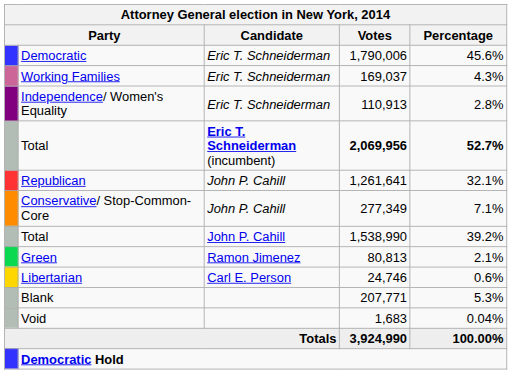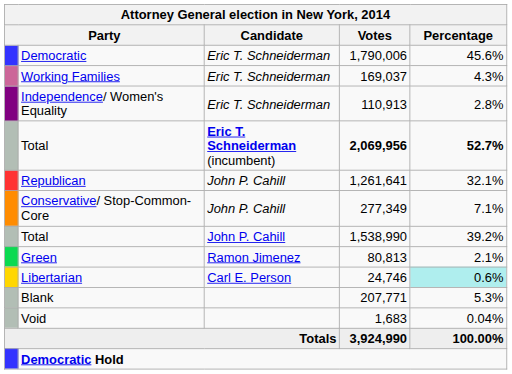 <table class="wikitable" style="font-size:95%;">
 <tr>
 <th colspan="5">Attorney General election in New York, 2014</th>
 </tr>
 <tr>
 <th colspan="2" style="width: 15em">Party</th>
 <th style="width: 10em">Candidate</th>
 <th style="width: 5em">Votes</th>
 <th style="width: 7em">Percentage</th>
 </tr>
 <tr>
 <th style="background-color:#3333FF; width: 3px"></th>
 <td style="width: 130px"><a href='#'>Democratic</a></td>
 <td><em>Eric T. Schneiderman</em></td>
 <td align="right">1,790,006</td>
 <td align="right">45.6%</td>
 </tr>
 <tr>
 <th style="background-color:#CC6699; width: 3px"></th>
 <td style="width: 130px"><a href='#'>Working Families</a></td>
 <td><em>Eric T. Schneiderman</em></td>
 <td align="right">169,037</td>
 <td align="right">4.3%</td>
 </tr>
 <tr>
 <th style="background-color:#800080; width: 3px"></th>
 <td style="width: 130px"><a href='#'>Independence</a>/ Women's Equality</td>
 <td><em>Eric T. Schneiderman</em></td>
 <td align="right">110,913</td>
 <td align="right">2.8%</td>
 </tr>
 <tr>
 <th style="background-color:#B2BEB5; width: 3px"></th>
 <td style="width: 130px">Total</td>
 <td><strong><a href='#'>Eric T. Schneiderman</a></strong> (incumbent)</td>
 <td align="right"><strong>2,069,956</strong></td>
 <td align="right"><strong>52.7%</strong></td>
 </tr>
 <tr>
 <th style="background-color:#FF3333; width: 3px"></th>
 <td style="width: 130px"><a href='#'>Republican</a></td>
 <td><em>John P. Cahill</em></td>
 <td align="right">1,261,641</td>
 <td align="right">32.1%</td>
 </tr>
 <tr>
 <th style="background-color:#FF8C00; width: 3px"></th>
 <td style="width: 130px"><a href='#'>Conservative</a>/ Stop-Common-Core</td>
 <td><em>John P. Cahill</em></td>
 <td align="right">277,349</td>
 <td align="right">7.1%</td>
 </tr>
 <tr>
 <th style="background-color:#B2BEB5; width: 3px"></th>
 <td style="width: 130px">Total</td>
 <td><a href='#'>John P. Cahill</a></td>
 <td align="right">1,538,990</td>
 <td align="right">39.2%</td>
 </tr>
 <tr>
 <th style="background-color:#0BDA51; width: 3px"></th>
 <td style="width: 130px"><a href='#'>Green</a></td>
 <td><a href='#'>Ramon Jimenez</a></td>
 <td align="right">80,813</td>
 <td align="right">2.1%</td>
 </tr>
 <tr>
 <th style="background-color:#FFD700; width: 3px"></th>
 <td style="width: 130px"><a href='#'>Libertarian</a></td>
 <td><a href='#'>Carl E. Person</a></td>
 <td align="right">24,746</td>
-<td align="right">0.6%</td>
+<td align="right" style="background: paleturquoise;">0.6%</td>
 </tr>
 <tr>
 <th style="background-color:#B2BEB5; width: 3px"></th>
 <td style="width: 130px">Blank</td>
 <td align="right"></td>
 <td align="right">207,771</td>
 <td align="right">5.3%</td>
 </tr>
 <tr>
 <th style="background-color:#B2BEB5; width: 3px"></th>
 <td style="width: 130px">Void</td>
 <td align="right"></td>
 <td align="right">1,683</td>
 <td align="right">0.04%</td>
 </tr>
 <tr bgcolor="#EEEEEE">
 <td colspan="3" align="right"><strong>Totals</strong></td>
 <td align="right"><strong>3,924,990</strong></td>
 <td align="right"><strong>100.00%</strong></td>
 </tr>
 <tr>
 <th style="background-color:#3333FF; width: 3px"></th>
 <td colspan="5"><strong><a href='#'>Democratic</a> Hold</strong></td>
 </tr>
 </table>
